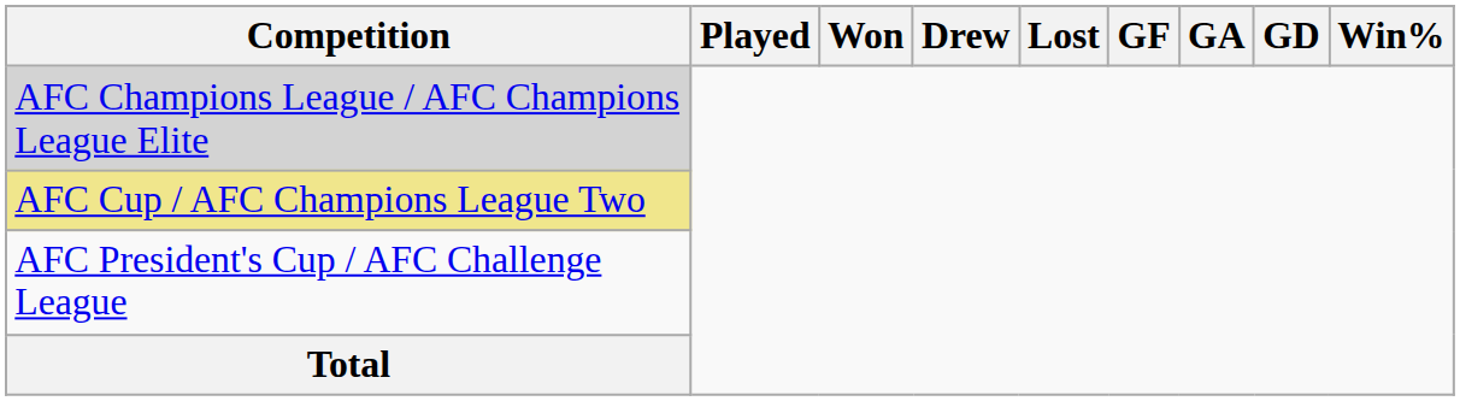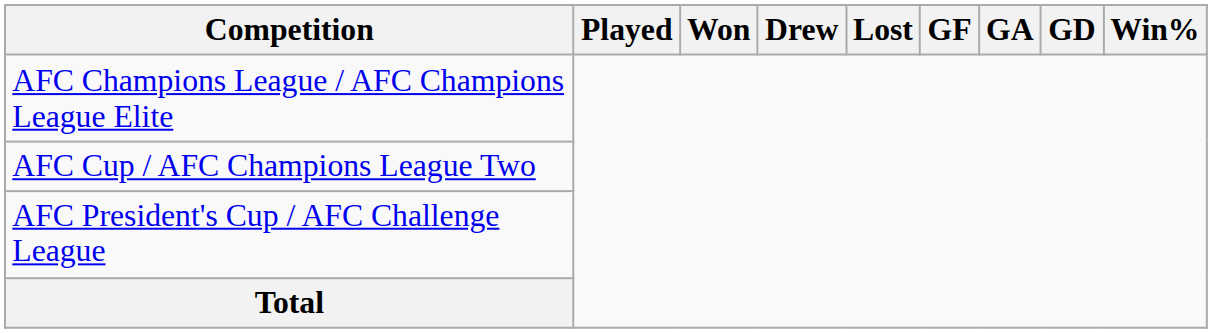 <table class="wikitable sortable" style="text-align:center">
 <tr>
 <th>Competition</th>
 <th>Played</th>
 <th>Won</th>
 <th>Drew</th>
 <th>Lost</th>
 <th>GF</th>
 <th>GA</th>
 <th>GD</th>
 <th>Win%</th>
 </tr>
 <tr>
-<td align=left style="background: lightgrey;"><a href='#'>AFC Champions League / AFC Champions League Elite</a><br></td>
+<td align=left><a href='#'>AFC Champions League / AFC Champions League Elite</a><br></td>
 </tr>
 <tr>
-<td align=left style="background: khaki;"><a href='#'>AFC Cup / AFC Champions League Two</a><br></td>
+<td align=left><a href='#'>AFC Cup / AFC Champions League Two</a><br></td>
 </tr>
 <tr>
 <td align=left><a href='#'>AFC President's Cup / AFC Challenge League</a><br></td>
 </tr>
 <tr>
 <th>Total<br></th>
 </tr>
 </table>
